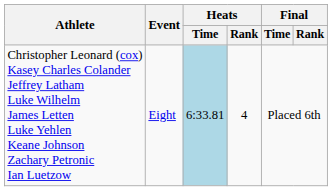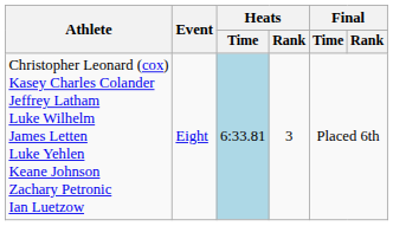 <table class="wikitable" style="font-size:90%">
 <tr>
 <th rowspan=2>Athlete</th>
 <th rowspan=2>Event</th>
 <th colspan=2>Heats</th>
 <th colspan=2>Final</th>
 </tr>
 <tr style="font-size:95%">
 <th>Time</th>
 <th>Rank</th>
 <th>Time</th>
 <th>Rank</th>
 </tr>
 <tr align=center>
 <td align=left>Christopher Leonard (<a href='#'>cox</a>) <br> <a href='#'>Kasey Charles Colander</a> <br> <a href='#'>Jeffrey Latham</a> <br> <a href='#'>Luke Wilhelm</a> <br> <a href='#'>James Letten</a> <br> <a href='#'>Luke Yehlen</a> <br> <a href='#'>Keane Johnson</a> <br> <a href='#'>Zachary Petronic</a> <br> <a href='#'>Ian Luetzow</a></td>
 <td align=left><a href='#'>Eight</a></td>
 <td style="background: lightblue;">6:33.81</td>
-<td>4</td>
+<td>3</td>
 <td colspan="2">Placed 6th</td>
 </tr>
 </table>
